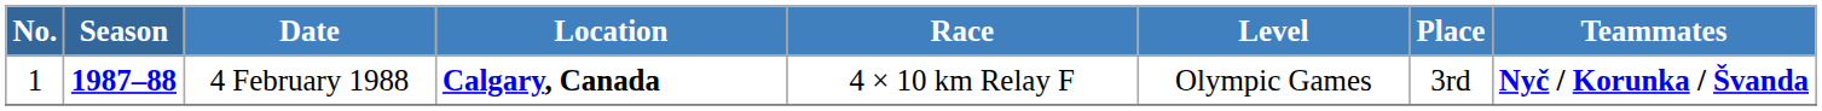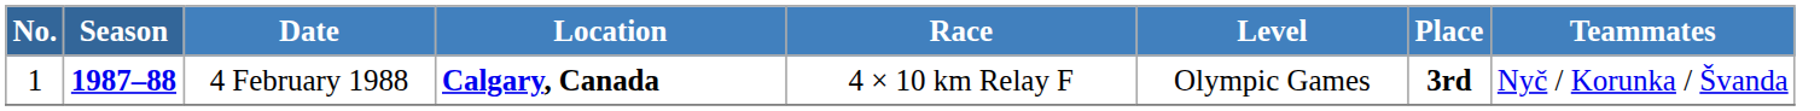 <table class="wikitable sortable" style="font-size:95%; text-align:center; border:grey solid 1px; border-collapse:collapse; background:#ffffff;">
 <tr style="background:#efefef;">
 <th style="background-color:#369; color:white;">No.</th>
 <th style="background-color:#369; color:white;">Season</th>
 <th style="background-color:#4180be; color:white; width:120px;">Date</th>
 <th style="background-color:#4180be; color:white; width:170px;">Location</th>
 <th style="background-color:#4180be; color:white; width:170px;">Race</th>
 <th style="background-color:#4180be; color:white; width:130px;">Level</th>
 <th style="background-color:#4180be; color:white;">Place</th>
 <th style="background-color:#4180be; color:white;">Teammates</th>
 </tr>
 <tr>
 <td align=center>1</td>
 <td rowspan=1 align=center><strong><a href='#'>1987–88</a></strong></td>
 <td>4 February 1988</td>
 <td align=left><strong> <a href='#'>Calgary</a>, Canada</strong></td>
 <td>4 × 10 km Relay F</td>
 <td>Olympic Games</td>
-<td>3rd</td>
-<td><strong><a href='#'>Nyč</a> / <a href='#'>Korunka</a> / <a href='#'>Švanda</a></strong></td>
+<td><strong>3rd</strong></td>
+<td><a href='#'>Nyč</a> / <a href='#'>Korunka</a> / <a href='#'>Švanda</a></td>
 </tr>
 <tr>
 </tr>
 </table>
